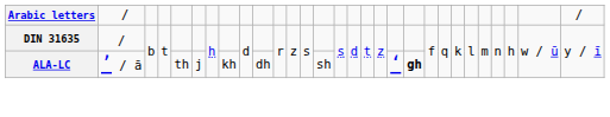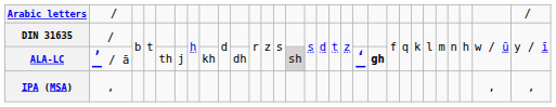 <table class="wikitable nounderlines" style="font-size: 110%">
 <tr>
 <th><small><a href='#'>Arabic letters</a></small></th>
 <td align="center">‎ / </td>
 <td align="center"></td>
 <td align="center"></td>
 <td align="center"></td>
 <td align="center"></td>
 <td align="center"></td>
 <td align="center"></td>
 <td align="center"></td>
 <td align="center"></td>
 <td align="center"></td>
 <td align="center"></td>
 <td align="center"></td>
 <td align="center"></td>
 <td align="center"></td>
 <td align="center"></td>
 <td align="center"></td>
 <td align="center"></td>
 <td align="center"></td>
 <td align="center"></td>
 <td align="center"></td>
 <td align="center"></td>
 <td align="center"></td>
 <td align="center"></td>
 <td align="center"></td>
 <td align="center"></td>
 <td align="center"></td>
 <td align="center"></td>
 <td align="center"> / <small>‎</small></td>
 </tr>
 <tr>
 <th><small><strong>DIN 31635</strong></small></th>
 <td align="center"><big><big></big></big> / </td>
 <td align="center" rowspan="2">b</td>
 <td align="center" rowspan="2">t</td>
 <td align="center"></td>
 <td align="center"></td>
 <td align="center" rowspan="2"><a href='#'>ḥ</a></td>
 <td align="center"></td>
 <td align="center" rowspan="2">d</td>
 <td align="center"></td>
 <td align="center" rowspan="2">r</td>
 <td align="center" rowspan="2">z</td>
 <td align="center" rowspan="2">s</td>
 <td align="center"></td>
 <td align="center" rowspan="2"><a href='#'>ṣ</a></td>
 <td align="center" rowspan="2"><a href='#'>ḍ</a></td>
 <td align="center" rowspan="2"><a href='#'>ṭ</a></td>
 <td align="center" rowspan="2"><a href='#'>ẓ</a></td>
 <td align="center"><big><big></big></big></td>
 <td align="center"></td>
 <td align="center" rowspan="2">f</td>
 <td align="center" rowspan="2">q</td>
 <td align="center" rowspan="2">k</td>
 <td align="center" rowspan="2">l</td>
 <td align="center" rowspan="2">m</td>
 <td align="center" rowspan="2">n</td>
 <td align="center" rowspan="2">h</td>
 <td align="center" rowspan="2">w / <a href='#'>ū</a></td>
 <td align="center" rowspan="2">y / <a href='#'>ī</a></td>
 </tr>
 <tr>
 <th><small><a href='#'>ALA-LC</a></small></th>
 <td align="center"><big><big><a href='#'>ʼ</a></big></big> / ā</td>
 <td align="center">th</td>
 <td align="center">j</td>
 <td align="center">kh</td>
 <td align="center">dh</td>
-<td align="center">sh</td>
+<td align="center" style="background: lightgrey;">sh</td>
 <td align="center"><big><big><a href='#'>ʻ</a></big></big></td>
 <td align="center"><strong>gh</strong></td>
 </tr>
+<tr>
+<th><small><a href='#'>IPA</a> (<a href='#'>MSA</a>)</small></th>
+<td align="center">, </td>
+<td align="center"></td>
+<td align="center"></td>
+<td align="center"></td>
+<td align="center"><br><br></td>
+<td align="center"></td>
+<td align="center"></td>
+<td align="center"></td>
+<td align="center"></td>
+<td align="center"></td>
+<td align="center"></td>
+<td align="center"></td>
+<td align="center"></td>
+<td align="center"></td>
+<td align="center"></td>
+<td align="center"></td>
+<td align="center"><br></td>
+<td align="center"></td>
+<td align="center"></td>
+<td align="center"></td>
+<td align="center"></td>
+<td align="center"></td>
+<td align="center"></td>
+<td align="center"></td>
+<td align="center"></td>
+<td align="center"></td>
+<td align="center">, </td>
+<td align="center">, </td>
+</tr>
 </table>
